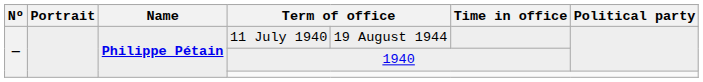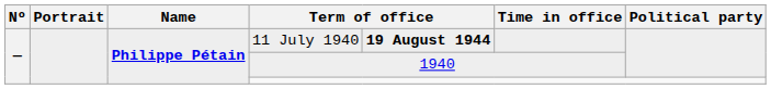 <table class="wikitable">
 <tr ->
 <th>Nº</th>
 <th>Portrait</th>
 <th>Name<br></th>
 <th colspan=2>Term of office</th>
 <th>Time in office</th>
 <th>Political party</th>
 </tr>
 <tr - bgcolor=#EEEEEE>
 <th rowspan=3 style="background:">—</th>
 <td rowspan=3></td>
 <td rowspan=3 align=center><strong><a href='#'>Philippe Pétain</a></strong><br></td>
 <td>11 July 1940</td>
-<td>19 August 1944</td>
+<td><strong>19 August 1944</strong></td>
 <td></td>
 <td rowspan=2></td>
 </tr>
 <tr - bgcolor=#EEEEEE>
 <td colspan=3 align=center><a href='#'>1940</a></td>
 </tr>
 <tr>
 <td colspan=4></td>
 </tr>
 </table>
